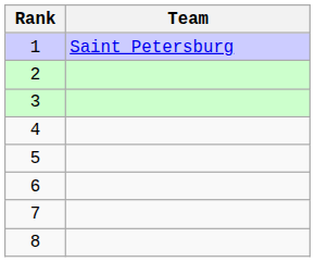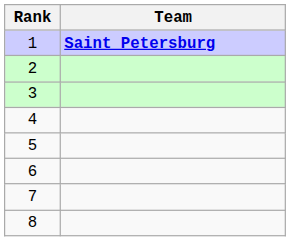 <table class="wikitable" style="text-align: center;">
 <tr>
 <th width=40>Rank</th>
 <th width=180>Team</th>
 </tr>
 <tr bgcolor=ccccff>
 <td>1</td>
-<td align=left><a href='#'>Saint Petersburg</a></td>
+<td align=left><strong><a href='#'>Saint Petersburg</a></strong></td>
 </tr>
 <tr bgcolor=ccffcc>
 <td>2</td>
 <td align=left></td>
 </tr>
 <tr bgcolor=ccffcc>
 <td>3</td>
 <td align=left></td>
 </tr>
 <tr>
 <td>4</td>
 <td align=left></td>
 </tr>
 <tr>
 <td>5</td>
 <td align=left></td>
 </tr>
 <tr>
 <td>6</td>
 <td align=left></td>
 </tr>
 <tr>
 <td>7</td>
 <td align=left></td>
 </tr>
 <tr>
 <td>8</td>
 <td align=left></td>
 </tr>
 </table>
